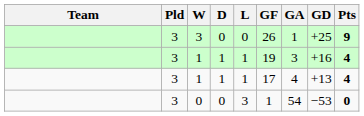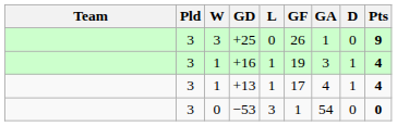 <table class="wikitable" style="text-align:center;">
 <tr>
 <th width=180>Team</th>
 <th width=20>Pld</th>
 <th width=20>W</th>
-<th width=20>D</th>
+<th width=20>GD</th>
 <th width=20>L</th>
 <th width=20>GF</th>
 <th width=20>GA</th>
-<th width=20>GD</th>
+<th width=20>D</th>
 <th width=20>Pts </th>
 </tr>
 <tr align=center bgcolor="ccffcc">
 <td style="text-align:left;"></td>
 <td>3</td>
 <td>3</td>
-<td>0</td>
+<td>+25</td>
 <td>0</td>
 <td>26</td>
 <td>1</td>
-<td>+25</td>
+<td>0</td>
 <td><strong>9</strong></td>
 </tr>
 <tr align=center bgcolor="ccffcc">
 <td style="text-align:left;"></td>
 <td>3</td>
 <td>1</td>
-<td>1</td>
+<td>+16</td>
 <td>1</td>
 <td>19</td>
 <td>3</td>
-<td>+16</td>
+<td>1</td>
 <td><strong>4</strong></td>
 </tr>
 <tr align=center>
 <td style="text-align:left;"></td>
 <td>3</td>
 <td>1</td>
-<td>1</td>
+<td>+13</td>
 <td>1</td>
 <td>17</td>
 <td>4</td>
-<td>+13</td>
+<td>1</td>
 <td><strong>4</strong></td>
 </tr>
 <tr align=center>
 <td style="text-align:left;"></td>
 <td>3</td>
 <td>0</td>
-<td>0</td>
+<td>−53</td>
 <td>3</td>
 <td>1</td>
 <td>54</td>
-<td>−53</td>
+<td>0</td>
 <td><strong>0</strong></td>
 </tr>
 </table>
